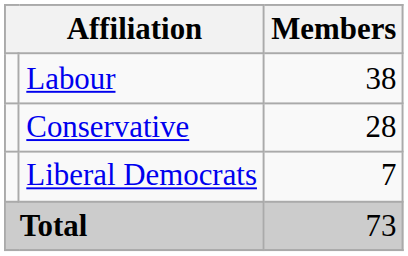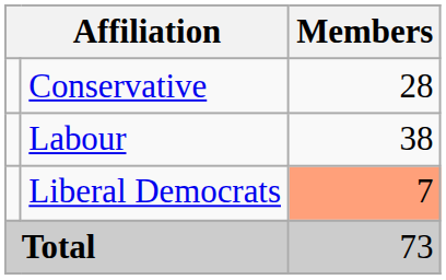 <table class="wikitable">
 <tr>
 <th colspan="2">Affiliation</th>
 <th>Members</th>
+</tr>
+<tr>
+<td style="color:inherit;background:"></td>
+<td><a href='#'>Conservative</a></td>
+<td align="right">28</td>
 </tr>
 <tr>
 <td style="color:inherit;background:"></td>
 <td><a href='#'>Labour</a></td>
 <td align="right">38</td>
 </tr>
 <tr>
 <td style="color:inherit;background:"></td>
-<td><a href='#'>Conservative</a></td>
-<td align="right">28</td>
-</tr>
-<tr>
-<td style="color:inherit;background:"></td>
 <td><a href='#'>Liberal Democrats</a></td>
-<td align="right">7</td>
+<td align="right" style="background: lightsalmon;">7</td>
 </tr>
 <tr bgcolor="CCCCCC">
 <td colspan="2" rowspan="1"> <strong>Total</strong></td>
 <td align="right">73</td>
 </tr>
 <tr>
 </tr>
 </table>
